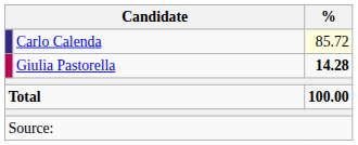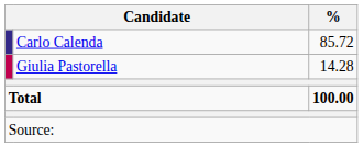 <table class="wikitable" style="text-align:right; font-size:95%;">
 <tr>
 <th colspan="2" width="300">Candidate</th>
 <th width="40">%</th>
 </tr>
 <tr>
 <td width="1" style="color:inherit;background:#332888"></td>
 <td align="left"><a href='#'>Carlo Calenda</a></td>
-<td style="background: lightyellow;">85.72</td>
+<td>85.72</td>
 </tr>
 <tr>
 <td width="1" style="color:inherit;background:#C0004E"></td>
 <td align="left"><a href='#'>Giulia Pastorella</a></td>
-<td><strong>14.28</strong></td>
+<td>14.28</td>
 </tr>
 <tr>
 <th colspan="4"></th>
 </tr>
 <tr style="font-weight:bold;">
 <td align="left" colspan="2">Total</td>
 <td>100.00</td>
 </tr>
 <tr>
 <th colspan="4"></th>
 </tr>
 <tr>
 <td colspan="4" align="left">Source: </td>
 </tr>
 </table>
